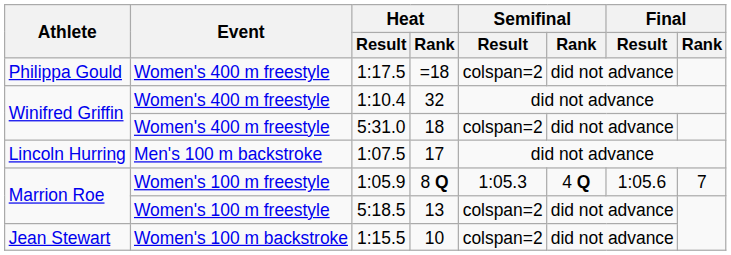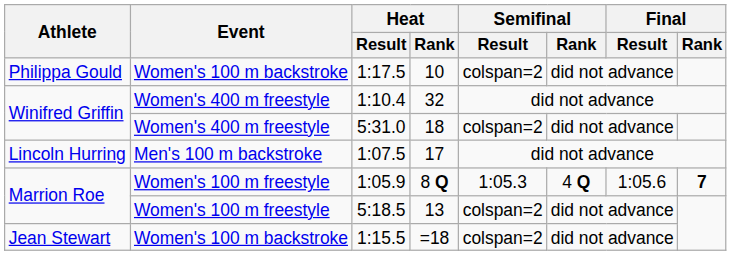 <table class="wikitable" style="font-size:90%;text-align:center;">
 <tr>
 <th rowspan=2>Athlete</th>
 <th rowspan=2>Event</th>
 <th colspan=2>Heat</th>
 <th colspan=2>Semifinal</th>
 <th colspan=2>Final</th>
 </tr>
 <tr style="font-size:95%">
 <th>Result</th>
 <th>Rank</th>
 <th>Result</th>
 <th>Rank</th>
 <th>Result</th>
 <th>Rank</th>
 </tr>
 <tr align=center>
 <td align=left><a href='#'>Philippa Gould</a></td>
-<td align=left><a href='#'>Women's 400 m freestyle</a></td>
+<td align=left><a href='#'>Women's 100 m backstroke</a></td>
 <td>1:17.5</td>
-<td>=18</td>
+<td>10</td>
 <td>colspan=2 </td>
 <td colspan=2>did not advance</td>
 </tr>
 <tr align=center>
 <td align=left rowspan=2><a href='#'>Winifred Griffin</a></td>
 <td align=left><a href='#'>Women's 400 m freestyle</a></td>
 <td>1:10.4</td>
 <td>32</td>
 <td colspan=4>did not advance</td>
 </tr>
 <tr align=center>
 <td align=left><a href='#'>Women's 400 m freestyle</a></td>
 <td>5:31.0</td>
 <td>18</td>
 <td>colspan=2 </td>
 <td colspan=2>did not advance</td>
 </tr>
 <tr align=center>
 <td align=left><a href='#'>Lincoln Hurring</a></td>
 <td align=left><a href='#'>Men's 100 m backstroke</a></td>
 <td>1:07.5</td>
 <td>17</td>
 <td colspan=4>did not advance</td>
 </tr>
 <tr align=center>
 <td align=left rowspan=2><a href='#'>Marrion Roe</a></td>
 <td align=left><a href='#'>Women's 100 m freestyle</a></td>
 <td>1:05.9</td>
 <td>8 <strong>Q</strong></td>
 <td>1:05.3</td>
 <td>4 <strong>Q</strong></td>
 <td>1:05.6</td>
-<td>7</td>
+<td><strong>7</strong></td>
 </tr>
 <tr align=center>
 <td align=left><a href='#'>Women's 100 m freestyle</a></td>
 <td>5:18.5</td>
 <td>13</td>
 <td>colspan=2 </td>
 <td colspan=2>did not advance</td>
 </tr>
 <tr align=center>
 <td align=left><a href='#'>Jean Stewart</a></td>
 <td align=left><a href='#'>Women's 100 m backstroke</a></td>
 <td>1:15.5</td>
-<td>10</td>
+<td>=18</td>
 <td>colspan=2 </td>
 <td colspan=2>did not advance</td>
 </tr>
 </table>
